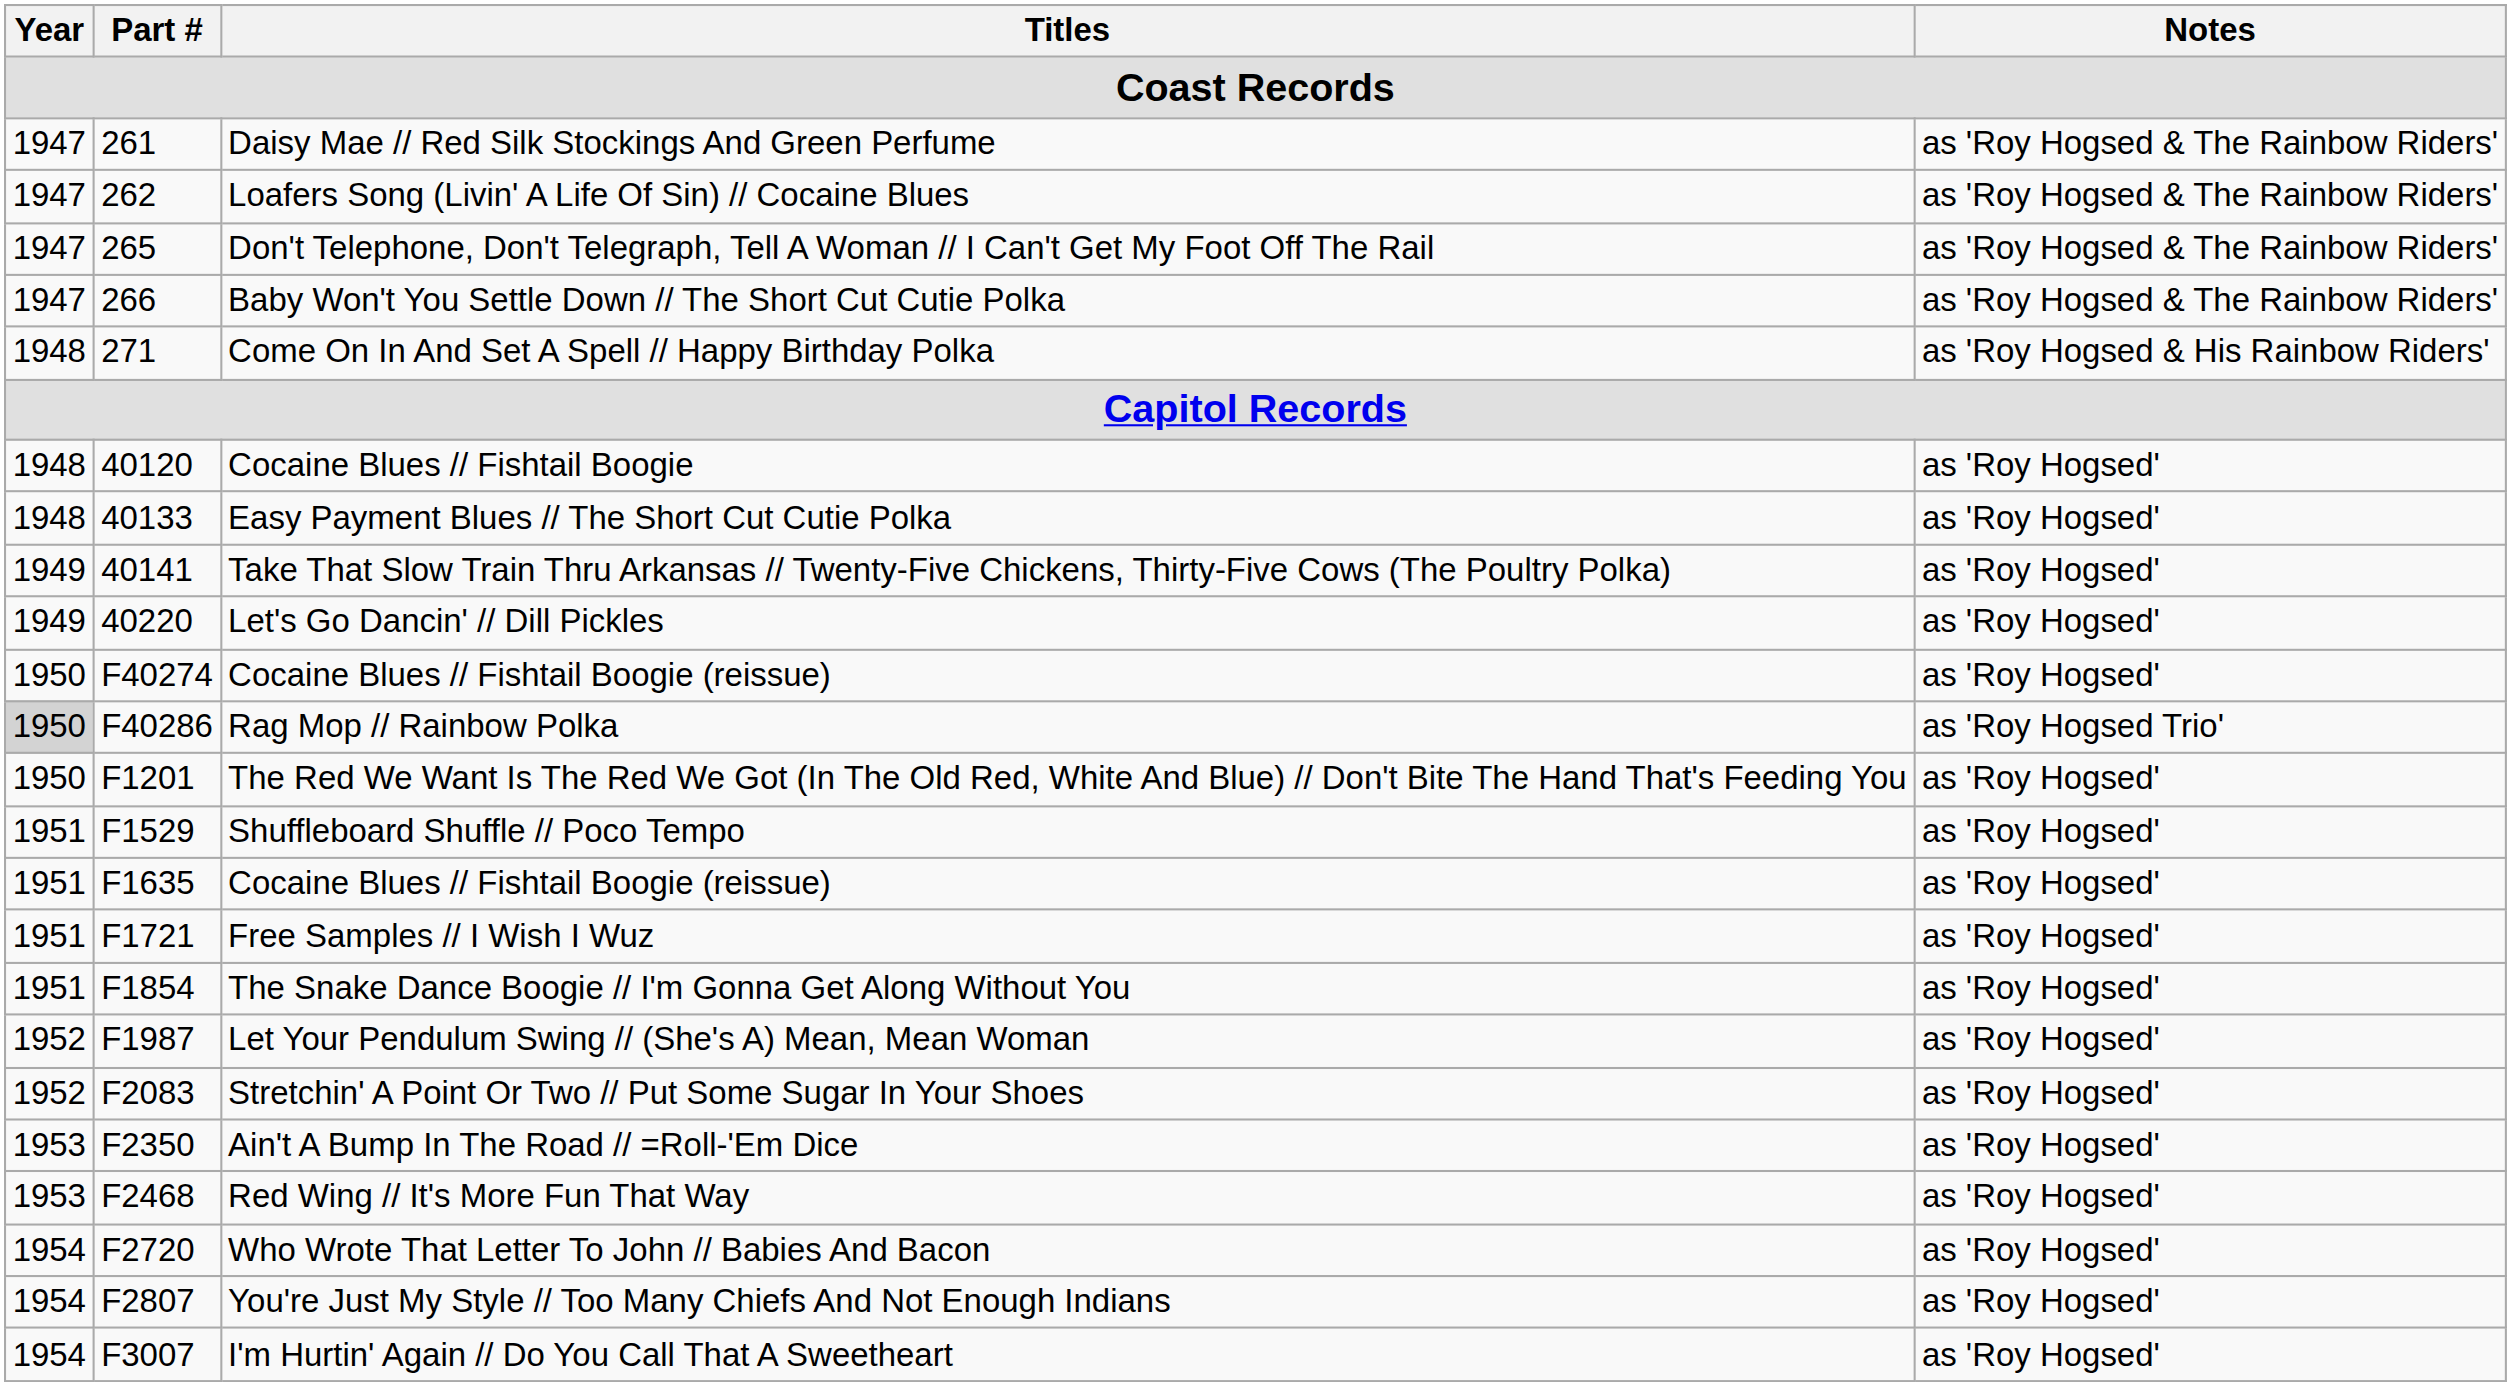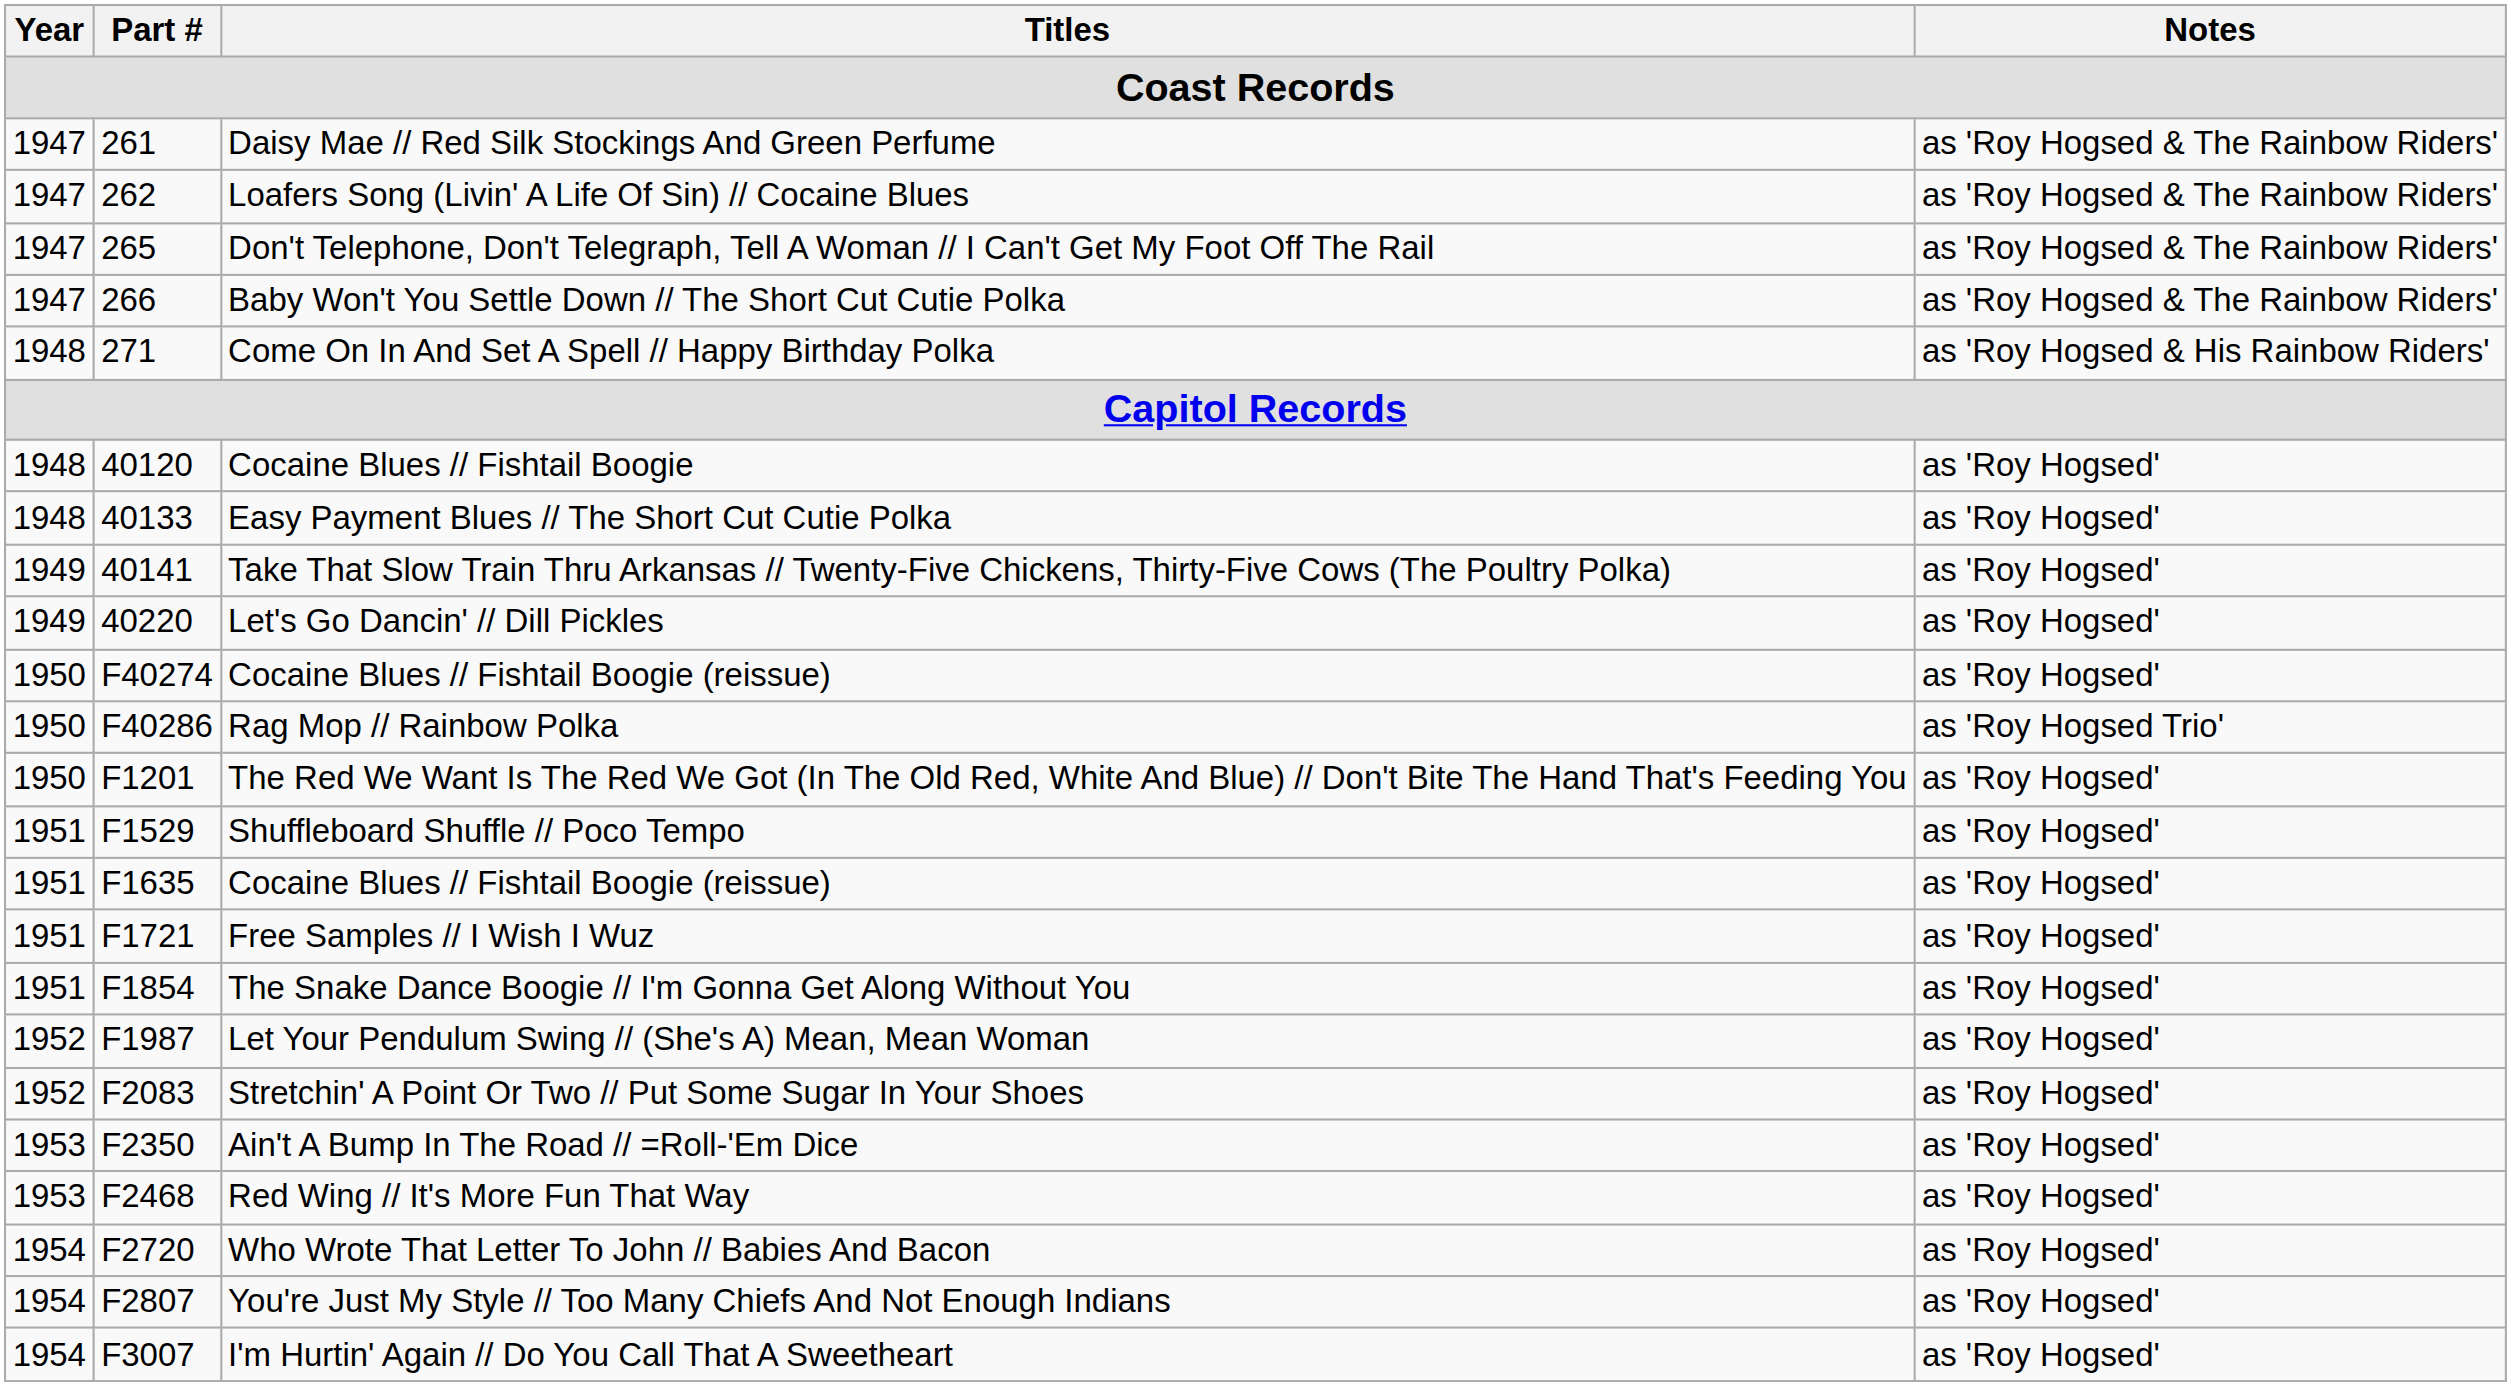 <table class="wikitable">
 <tr>
 <th>Year</th>
 <th>Part #</th>
 <th>Titles</th>
 <th>Notes</th>
 </tr>
 <tr>
 <td bgcolor="#E0E0E0" colspan="4" align="center"><big><strong>Coast Records</strong></big></td>
 </tr>
 <tr>
 <td>1947</td>
 <td>261</td>
 <td>Daisy Mae // Red Silk Stockings And Green Perfume</td>
 <td>as 'Roy Hogsed & The Rainbow Riders'</td>
 </tr>
 <tr>
 <td>1947</td>
 <td>262</td>
 <td>Loafers Song (Livin' A Life Of Sin) // Cocaine Blues</td>
 <td>as 'Roy Hogsed & The Rainbow Riders'</td>
 </tr>
 <tr>
 <td>1947</td>
 <td>265</td>
 <td>Don't Telephone, Don't Telegraph, Tell A Woman // I Can't Get My Foot Off The Rail</td>
 <td>as 'Roy Hogsed & The Rainbow Riders'</td>
 </tr>
 <tr>
 <td>1947</td>
 <td>266</td>
 <td>Baby Won't You Settle Down // The Short Cut Cutie Polka</td>
 <td>as 'Roy Hogsed & The Rainbow Riders'</td>
 </tr>
 <tr>
 <td>1948</td>
 <td>271</td>
 <td>Come On In And Set A Spell // Happy Birthday Polka</td>
 <td>as 'Roy Hogsed & His Rainbow Riders'</td>
 </tr>
 <tr>
 <td bgcolor="#E0E0E0" colspan="4" align="center"><big><strong><a href='#'>Capitol Records</a></strong></big></td>
 </tr>
 <tr>
 <td>1948</td>
 <td>40120</td>
 <td>Cocaine Blues // Fishtail Boogie</td>
 <td>as 'Roy Hogsed'</td>
 </tr>
 <tr>
 <td>1948</td>
 <td>40133</td>
 <td>Easy Payment Blues // The Short Cut Cutie Polka</td>
 <td>as 'Roy Hogsed'</td>
 </tr>
 <tr>
 <td>1949</td>
 <td>40141</td>
 <td>Take That Slow Train Thru Arkansas // Twenty-Five Chickens, Thirty-Five Cows (The Poultry Polka)</td>
 <td>as 'Roy Hogsed'</td>
 </tr>
 <tr>
 <td>1949</td>
 <td>40220</td>
 <td>Let's Go Dancin' // Dill Pickles</td>
 <td>as 'Roy Hogsed'</td>
 </tr>
 <tr>
 <td>1950</td>
 <td>F40274</td>
 <td>Cocaine Blues // Fishtail Boogie (reissue)</td>
 <td>as 'Roy Hogsed'</td>
 </tr>
 <tr>
-<td style="background: lightgrey;">1950</td>
+<td>1950</td>
 <td>F40286</td>
 <td>Rag Mop // Rainbow Polka</td>
 <td>as 'Roy Hogsed Trio'</td>
 </tr>
 <tr>
 <td>1950</td>
 <td>F1201</td>
 <td>The Red We Want Is The Red We Got (In The Old Red, White And Blue) // Don't Bite The Hand That's Feeding You</td>
 <td>as 'Roy Hogsed'</td>
 </tr>
 <tr>
 <td>1951</td>
 <td>F1529</td>
 <td>Shuffleboard Shuffle // Poco Tempo</td>
 <td>as 'Roy Hogsed'</td>
 </tr>
 <tr>
 <td>1951</td>
 <td>F1635</td>
 <td>Cocaine Blues // Fishtail Boogie (reissue)</td>
 <td>as 'Roy Hogsed'</td>
 </tr>
 <tr>
 <td>1951</td>
 <td>F1721</td>
 <td>Free Samples // I Wish I Wuz</td>
 <td>as 'Roy Hogsed'</td>
 </tr>
 <tr>
 <td>1951</td>
 <td>F1854</td>
 <td>The Snake Dance Boogie // I'm Gonna Get Along Without You</td>
 <td>as 'Roy Hogsed'</td>
 </tr>
 <tr>
 <td>1952</td>
 <td>F1987</td>
 <td>Let Your Pendulum Swing // (She's A) Mean, Mean Woman</td>
 <td>as 'Roy Hogsed'</td>
 </tr>
 <tr>
 <td>1952</td>
 <td>F2083</td>
 <td>Stretchin' A Point Or Two // Put Some Sugar In Your Shoes</td>
 <td>as 'Roy Hogsed'</td>
 </tr>
 <tr>
 <td>1953</td>
 <td>F2350</td>
 <td>Ain't A Bump In The Road // =Roll-'Em Dice</td>
 <td>as 'Roy Hogsed'</td>
 </tr>
 <tr>
 <td>1953</td>
 <td>F2468</td>
 <td>Red Wing // It's More Fun That Way</td>
 <td>as 'Roy Hogsed'</td>
 </tr>
 <tr>
 <td>1954</td>
 <td>F2720</td>
 <td>Who Wrote That Letter To John // Babies And Bacon</td>
 <td>as 'Roy Hogsed'</td>
 </tr>
 <tr>
 <td>1954</td>
 <td>F2807</td>
 <td>You're Just My Style // Too Many Chiefs And Not Enough Indians</td>
 <td>as 'Roy Hogsed'</td>
 </tr>
 <tr>
 <td>1954</td>
 <td>F3007</td>
 <td>I'm Hurtin' Again // Do You Call That A Sweetheart</td>
 <td>as 'Roy Hogsed'</td>
 </tr>
 </table>
